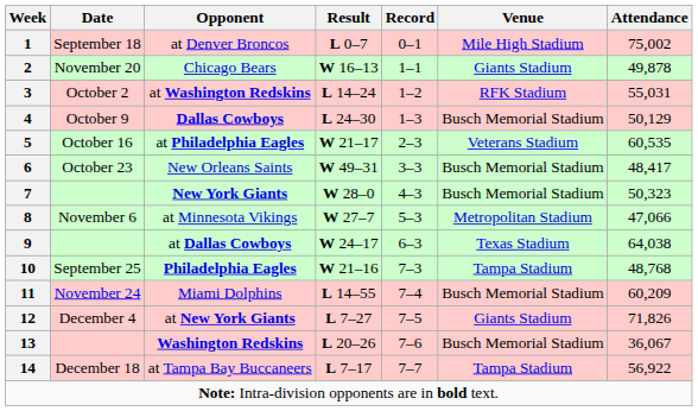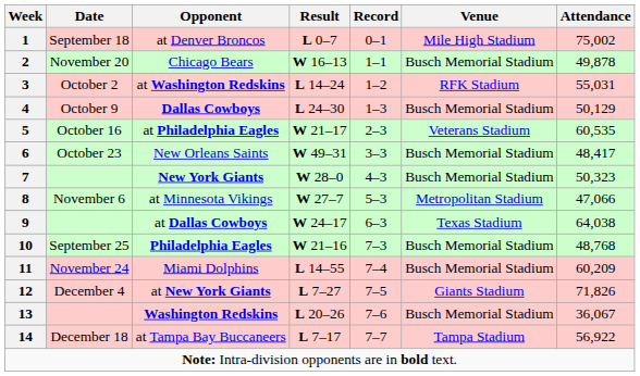 <table class="wikitable" style="text-align:center">
 <tr>
 <th>Week</th>
 <th>Date</th>
 <th>Opponent</th>
 <th>Result</th>
 <th>Record</th>
 <th>Venue</th>
 <th>Attendance</th>
 </tr>
 <tr style="background:#fcc">
 <th>1</th>
 <td>September 18</td>
 <td>at <a href='#'>Denver Broncos</a></td>
 <td><strong>L</strong> 0–7</td>
 <td>0–1</td>
 <td><a href='#'>Mile High Stadium</a></td>
 <td>75,002</td>
 </tr>
 <tr style="background:#cfc">
 <th>2</th>
 <td>November 20</td>
 <td><a href='#'>Chicago Bears</a></td>
 <td><strong>W</strong> 16–13</td>
 <td>1–1</td>
-<td><a href='#'>Giants Stadium</a></td>
+<td>Busch Memorial Stadium</td>
 <td>49,878</td>
 </tr>
 <tr style="background:#fcc">
 <th>3</th>
 <td>October 2</td>
 <td>at <strong><a href='#'>Washington Redskins</a></strong></td>
 <td><strong>L</strong> 14–24</td>
 <td>1–2</td>
 <td><a href='#'>RFK Stadium</a></td>
 <td>55,031</td>
 </tr>
 <tr style="background:#fcc">
 <th>4</th>
 <td>October 9</td>
 <td><strong><a href='#'>Dallas Cowboys</a></strong></td>
 <td><strong>L</strong> 24–30</td>
 <td>1–3</td>
 <td>Busch Memorial Stadium</td>
 <td>50,129</td>
 </tr>
 <tr style="background:#cfc">
 <th>5</th>
 <td>October 16</td>
 <td>at <strong><a href='#'>Philadelphia Eagles</a></strong></td>
 <td><strong>W</strong> 21–17</td>
 <td>2–3</td>
 <td><a href='#'>Veterans Stadium</a></td>
 <td>60,535</td>
 </tr>
 <tr style="background:#cfc">
 <th>6</th>
 <td>October 23</td>
 <td><a href='#'>New Orleans Saints</a></td>
 <td><strong>W</strong> 49–31</td>
 <td>3–3</td>
 <td>Busch Memorial Stadium</td>
 <td>48,417</td>
 </tr>
 <tr style="background:#cfc">
 <th>7</th>
 <td></td>
 <td><strong><a href='#'>New York Giants</a></strong></td>
 <td><strong>W</strong> 28–0</td>
 <td>4–3</td>
 <td>Busch Memorial Stadium</td>
 <td>50,323</td>
 </tr>
 <tr style="background:#cfc">
 <th>8</th>
 <td>November 6</td>
 <td>at <a href='#'>Minnesota Vikings</a></td>
 <td><strong>W</strong> 27–7</td>
 <td>5–3</td>
 <td><a href='#'>Metropolitan Stadium</a></td>
 <td>47,066</td>
 </tr>
 <tr style="background:#cfc">
 <th>9</th>
 <td></td>
 <td>at <strong><a href='#'>Dallas Cowboys</a></strong></td>
 <td><strong>W</strong> 24–17</td>
 <td>6–3</td>
 <td><a href='#'>Texas Stadium</a></td>
 <td>64,038</td>
 </tr>
 <tr style="background:#cfc">
 <th>10</th>
 <td>September 25</td>
 <td><strong><a href='#'>Philadelphia Eagles</a></strong></td>
 <td><strong>W</strong> 21–16</td>
 <td>7–3</td>
-<td><a href='#'>Tampa Stadium</a></td>
+<td>Busch Memorial Stadium</td>
 <td>48,768</td>
 </tr>
 <tr style="background:#fcc">
 <th>11</th>
 <td><a href='#'>November 24</a></td>
 <td><a href='#'>Miami Dolphins</a></td>
 <td><strong>L</strong> 14–55</td>
 <td>7–4</td>
 <td>Busch Memorial Stadium</td>
 <td>60,209</td>
 </tr>
 <tr style="background:#fcc">
 <th>12</th>
 <td>December 4</td>
 <td>at <strong><a href='#'>New York Giants</a></strong></td>
 <td><strong>L</strong> 7–27</td>
 <td>7–5</td>
 <td><a href='#'>Giants Stadium</a></td>
 <td>71,826</td>
 </tr>
 <tr style="background:#fcc">
 <th>13</th>
 <td></td>
 <td><strong><a href='#'>Washington Redskins</a></strong></td>
 <td><strong>L</strong> 20–26</td>
 <td>7–6</td>
 <td>Busch Memorial Stadium</td>
 <td>36,067</td>
 </tr>
 <tr style="background:#fcc">
 <th>14</th>
 <td>December 18</td>
 <td>at <a href='#'>Tampa Bay Buccaneers</a></td>
 <td><strong>L</strong> 7–17</td>
 <td>7–7</td>
 <td><a href='#'>Tampa Stadium</a></td>
 <td>56,922</td>
 </tr>
 <tr>
 <td colspan="8"><strong>Note:</strong> Intra-division opponents are in <strong>bold</strong> text.</td>
 </tr>
 </table>
